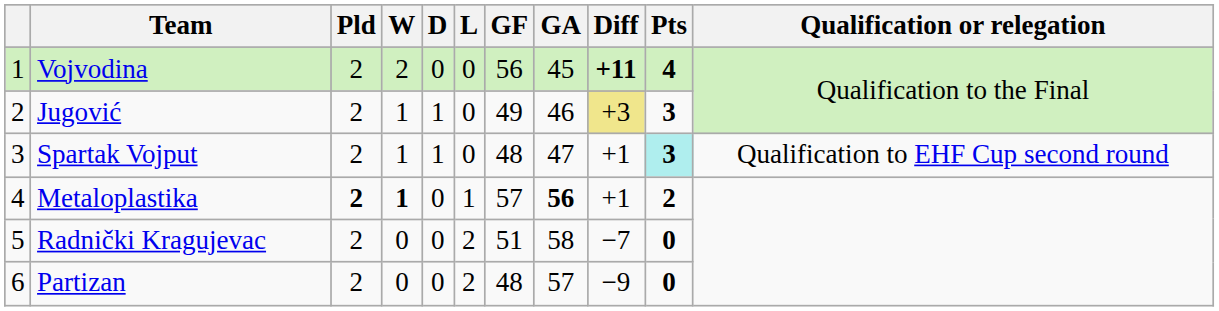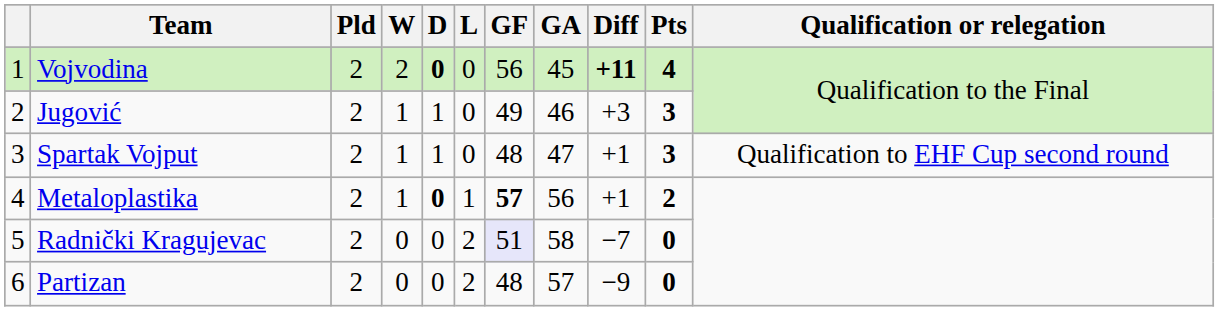 <table class="wikitable sortable" style="text-align:center">
 <tr>
 <th></th>
 <th width="170">Team</th>
 <th>Pld</th>
 <th>W</th>
 <th>D</th>
 <th>L</th>
 <th>GF</th>
 <th>GA</th>
 <th>Diff</th>
 <th>Pts</th>
 <th width="300">Qualification or relegation</th>
 </tr>
 <tr style="background: #D0F0C0;">
 <td>1</td>
 <td align=left> <a href='#'>Vojvodina</a></td>
 <td>2</td>
 <td>2</td>
-<td>0</td>
+<td><strong>0</strong></td>
 <td>0</td>
 <td>56</td>
 <td>45</td>
 <td><strong>+11</strong></td>
 <td><strong>4</strong></td>
 <td rowspan="2">Qualification to the Final</td>
 </tr>
 <tr>
 <td>2</td>
 <td align=left> <a href='#'>Jugović</a></td>
 <td>2</td>
 <td>1</td>
 <td>1</td>
 <td>0</td>
 <td>49</td>
 <td>46</td>
-<td style="background: khaki;">+3</td>
+<td>+3</td>
 <td><strong>3</strong></td>
 </tr>
 <tr>
 <td>3</td>
 <td align=left> <a href='#'>Spartak Vojput</a></td>
 <td>2</td>
 <td>1</td>
 <td>1</td>
 <td>0</td>
 <td>48</td>
 <td>47</td>
 <td>+1</td>
-<td style="background: paleturquoise;"><strong>3</strong></td>
+<td><strong>3</strong></td>
 <td>Qualification to <a href='#'>EHF Cup second round</a></td>
 </tr>
 <tr>
 <td>4</td>
 <td align=left> <a href='#'>Metaloplastika</a></td>
-<td><strong>2</strong></td>
-<td><strong>1</strong></td>
-<td>0</td>
+<td>2</td>
 <td>1</td>
-<td>57</td>
-<td><strong>56</strong></td>
+<td><strong>0</strong></td>
+<td>1</td>
+<td><strong>57</strong></td>
+<td>56</td>
 <td>+1</td>
 <td><strong>2</strong></td>
 </tr>
 <tr>
 <td>5</td>
 <td align=left> <a href='#'>Radnički Kragujevac</a></td>
 <td>2</td>
 <td>0</td>
 <td>0</td>
 <td>2</td>
-<td>51</td>
+<td style="background: lavender;">51</td>
 <td>58</td>
 <td>−7</td>
 <td><strong>0</strong></td>
 </tr>
 <tr>
 <td>6</td>
 <td align=left> <a href='#'>Partizan</a></td>
 <td>2</td>
 <td>0</td>
 <td>0</td>
 <td>2</td>
 <td>48</td>
 <td>57</td>
 <td>−9</td>
 <td><strong>0</strong></td>
 </tr>
 </table>
